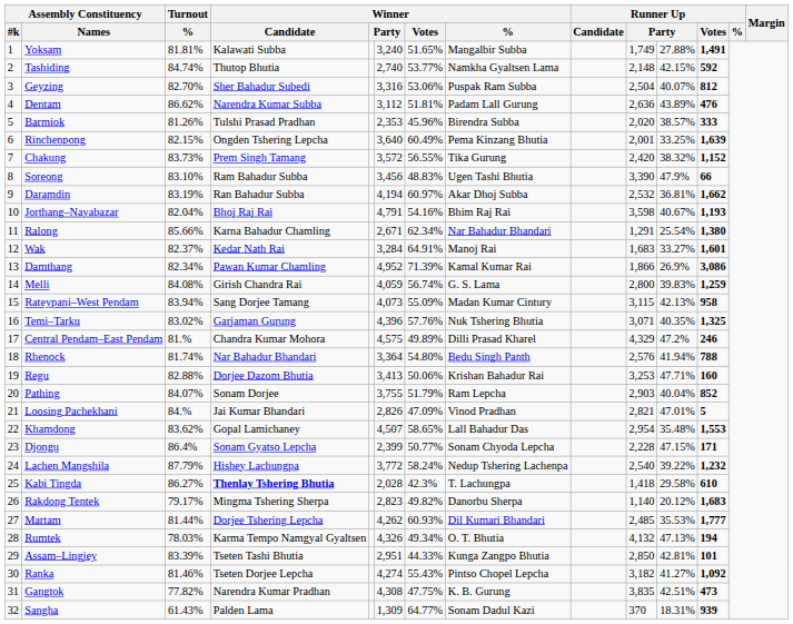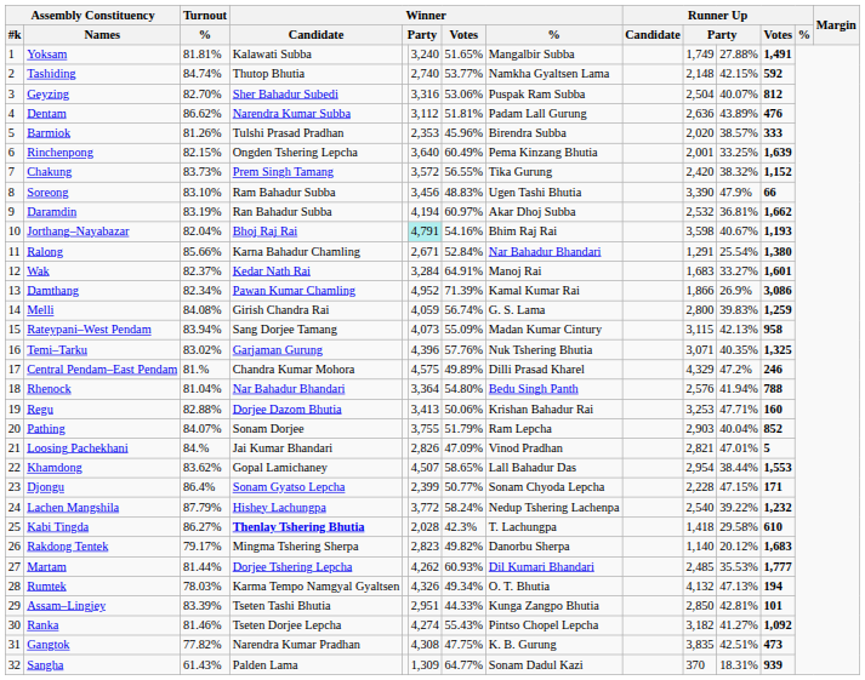 <table class="wikitable sortable">
 <tr>
 <th colspan="2">Assembly Constituency</th>
 <th>Turnout</th>
 <th colspan="5">Winner</th>
 <th colspan="5">Runner Up</th>
 <th rowspan="2" data-sort-type=number>Margin</th>
 </tr>
 <tr>
 <th>#k</th>
 <th>Names</th>
 <th>%</th>
 <th>Candidate</th>
 <th colspan="2">Party</th>
 <th data-sort-type=number>Votes</th>
 <th>%</th>
 <th>Candidate</th>
 <th colspan="2">Party</th>
 <th data-sort-type=number>Votes</th>
 <th>%</th>
 </tr>
 <tr>
 <td>1</td>
 <td><a href='#'>Yoksam</a></td>
 <td>81.81%</td>
 <td>Kalawati Subba</td>
 <td></td>
 <td>3,240</td>
 <td>51.65%</td>
 <td>Mangalbir Subba</td>
 <td></td>
 <td>1,749</td>
 <td>27.88%</td>
 <td style="background:"><span><strong>1,491</strong></span></td>
 </tr>
 <tr>
 <td>2</td>
 <td><a href='#'>Tashiding</a></td>
 <td>84.74%</td>
 <td>Thutop Bhutia</td>
 <td></td>
 <td>2,740</td>
 <td>53.77%</td>
 <td>Namkha Gyaltsen Lama</td>
 <td></td>
 <td>2,148</td>
 <td>42.15%</td>
 <td style="background:"><span><strong>592</strong></span></td>
 </tr>
 <tr>
 <td>3</td>
 <td><a href='#'>Geyzing</a></td>
 <td>82.70%</td>
 <td><a href='#'>Sher Bahadur Subedi</a></td>
 <td></td>
 <td>3,316</td>
 <td>53.06%</td>
 <td>Puspak Ram Subba</td>
 <td></td>
 <td>2,504</td>
 <td>40.07%</td>
 <td style="background:"><span><strong>812</strong></span></td>
 </tr>
 <tr>
 <td>4</td>
 <td><a href='#'>Dentam</a></td>
 <td>86.62%</td>
 <td><a href='#'>Narendra Kumar Subba</a></td>
 <td></td>
 <td>3,112</td>
 <td>51.81%</td>
 <td>Padam Lall Gurung</td>
 <td></td>
 <td>2,636</td>
 <td>43.89%</td>
 <td style="background:"><span><strong>476</strong></span></td>
 </tr>
 <tr>
 <td>5</td>
 <td><a href='#'>Barmiok</a></td>
 <td>81.26%</td>
 <td>Tulshi Prasad Pradhan</td>
 <td></td>
 <td>2,353</td>
 <td>45.96%</td>
 <td>Birendra Subba</td>
 <td></td>
 <td>2,020</td>
 <td>38.57%</td>
 <td style="background:"><span><strong>333</strong></span></td>
 </tr>
 <tr>
 <td>6</td>
 <td><a href='#'>Rinchenpong</a></td>
 <td>82.15%</td>
 <td>Ongden Tshering Lepcha</td>
 <td></td>
 <td>3,640</td>
 <td>60.49%</td>
 <td>Pema Kinzang Bhutia</td>
 <td></td>
 <td>2,001</td>
 <td>33.25%</td>
 <td style="background:"><span><strong>1,639</strong></span></td>
 </tr>
 <tr>
 <td>7</td>
 <td><a href='#'>Chakung</a></td>
 <td>83.73%</td>
 <td><a href='#'>Prem Singh Tamang</a></td>
 <td></td>
 <td>3,572</td>
 <td>56.55%</td>
 <td>Tika Gurung</td>
 <td></td>
 <td>2,420</td>
 <td>38.32%</td>
 <td style="background:"><span><strong>1,152</strong></span></td>
 </tr>
 <tr>
 <td>8</td>
 <td><a href='#'>Soreong</a></td>
 <td>83.10%</td>
 <td>Ram Bahadur Subba</td>
 <td></td>
 <td>3,456</td>
 <td>48.83%</td>
 <td>Ugen Tashi Bhutia</td>
 <td></td>
 <td>3,390</td>
 <td>47.9%</td>
 <td style="background:"><span><strong>66</strong></span></td>
 </tr>
 <tr>
 <td>9</td>
 <td><a href='#'>Daramdin</a></td>
 <td>83.19%</td>
 <td>Ran Bahadur Subba</td>
 <td></td>
 <td>4,194</td>
 <td>60.97%</td>
 <td>Akar Dhoj Subba</td>
 <td></td>
 <td>2,532</td>
 <td>36.81%</td>
 <td style="background:"><span><strong>1,662</strong></span></td>
 </tr>
 <tr>
 <td>10</td>
 <td><a href='#'>Jorthang–Nayabazar</a></td>
 <td>82.04%</td>
 <td><a href='#'>Bhoj Raj Rai</a></td>
 <td></td>
-<td>4,791</td>
+<td style="background: paleturquoise;">4,791</td>
 <td>54.16%</td>
 <td>Bhim Raj Rai</td>
 <td></td>
 <td>3,598</td>
 <td>40.67%</td>
 <td style="background:"><span><strong>1,193</strong></span></td>
 </tr>
 <tr>
 <td>11</td>
 <td><a href='#'>Ralong</a></td>
 <td>85.66%</td>
 <td>Karna Bahadur Chamling</td>
 <td></td>
 <td>2,671</td>
-<td>62.34%</td>
+<td>52.84%</td>
 <td><a href='#'>Nar Bahadur Bhandari</a></td>
 <td></td>
 <td>1,291</td>
 <td>25.54%</td>
 <td style="background:"><span><strong>1,380</strong></span></td>
 </tr>
 <tr>
 <td>12</td>
 <td><a href='#'>Wak</a></td>
 <td>82.37%</td>
 <td><a href='#'>Kedar Nath Rai</a></td>
 <td></td>
 <td>3,284</td>
 <td>64.91%</td>
 <td>Manoj Rai</td>
 <td></td>
 <td>1,683</td>
 <td>33.27%</td>
 <td style="background:"><span><strong>1,601</strong></span></td>
 </tr>
 <tr>
 <td>13</td>
 <td><a href='#'>Damthang</a></td>
 <td>82.34%</td>
 <td><a href='#'>Pawan Kumar Chamling</a></td>
 <td></td>
 <td>4,952</td>
 <td>71.39%</td>
 <td>Kamal Kumar Rai</td>
 <td></td>
 <td>1,866</td>
 <td>26.9%</td>
 <td style="background:"><span><strong>3,086</strong></span></td>
 </tr>
 <tr>
 <td>14</td>
 <td><a href='#'>Melli</a></td>
 <td>84.08%</td>
 <td>Girish Chandra Rai</td>
 <td></td>
 <td>4,059</td>
 <td>56.74%</td>
 <td>G. S. Lama</td>
 <td></td>
 <td>2,800</td>
 <td>39.83%</td>
 <td style="background:"><span><strong>1,259</strong></span></td>
 </tr>
 <tr>
 <td>15</td>
 <td><a href='#'>Rateypani–West Pendam</a></td>
 <td>83.94%</td>
 <td>Sang Dorjee Tamang</td>
 <td></td>
 <td>4,073</td>
 <td>55.09%</td>
 <td>Madan Kumar Cintury</td>
 <td></td>
 <td>3,115</td>
 <td>42.13%</td>
 <td style="background:"><span><strong>958</strong></span></td>
 </tr>
 <tr>
 <td>16</td>
 <td><a href='#'>Temi–Tarku</a></td>
 <td>83.02%</td>
 <td><a href='#'>Garjaman Gurung</a></td>
 <td></td>
 <td>4,396</td>
 <td>57.76%</td>
 <td>Nuk Tshering Bhutia</td>
 <td></td>
 <td>3,071</td>
 <td>40.35%</td>
 <td style="background:"><span><strong>1,325</strong></span></td>
 </tr>
 <tr>
 <td>17</td>
 <td><a href='#'>Central Pendam–East Pendam</a></td>
 <td>81.%</td>
 <td>Chandra Kumar Mohora</td>
 <td></td>
 <td>4,575</td>
 <td>49.89%</td>
 <td>Dilli Prasad Kharel</td>
 <td></td>
 <td>4,329</td>
 <td>47.2%</td>
 <td style="background:"><span><strong>246</strong></span></td>
 </tr>
 <tr>
 <td>18</td>
 <td><a href='#'>Rhenock</a></td>
-<td>81.74%</td>
+<td>81.04%</td>
 <td><a href='#'>Nar Bahadur Bhandari</a></td>
 <td></td>
 <td>3,364</td>
 <td>54.80%</td>
 <td><a href='#'>Bedu Singh Panth</a></td>
 <td></td>
 <td>2,576</td>
 <td>41.94%</td>
 <td style="background:"><span><strong>788</strong></span></td>
 </tr>
 <tr>
 <td>19</td>
 <td><a href='#'>Regu</a></td>
 <td>82.88%</td>
 <td><a href='#'>Dorjee Dazom Bhutia</a></td>
 <td></td>
 <td>3,413</td>
 <td>50.06%</td>
 <td>Krishan Bahadur Rai</td>
 <td></td>
 <td>3,253</td>
 <td>47.71%</td>
 <td style="background:"><span><strong>160</strong></span></td>
 </tr>
 <tr>
 <td>20</td>
 <td><a href='#'>Pathing</a></td>
 <td>84.07%</td>
 <td>Sonam Dorjee</td>
 <td></td>
 <td>3,755</td>
 <td>51.79%</td>
 <td>Ram Lepcha</td>
 <td></td>
 <td>2,903</td>
 <td>40.04%</td>
 <td style="background:"><span><strong>852</strong></span></td>
 </tr>
 <tr>
 <td>21</td>
 <td><a href='#'>Loosing Pachekhani</a></td>
 <td>84.%</td>
 <td>Jai Kumar Bhandari</td>
 <td></td>
 <td>2,826</td>
 <td>47.09%</td>
 <td>Vinod Pradhan</td>
 <td></td>
 <td>2,821</td>
 <td>47.01%</td>
 <td style="background:"><span><strong>5</strong></span></td>
 </tr>
 <tr>
 <td>22</td>
 <td><a href='#'>Khamdong</a></td>
 <td>83.62%</td>
 <td>Gopal Lamichaney</td>
 <td></td>
 <td>4,507</td>
 <td>58.65%</td>
 <td>Lall Bahadur Das</td>
 <td></td>
 <td>2,954</td>
-<td>35.48%</td>
+<td>38.44%</td>
 <td style="background:"><span><strong>1,553</strong></span></td>
 </tr>
 <tr>
 <td>23</td>
 <td><a href='#'>Djongu</a></td>
 <td>86.4%</td>
 <td><a href='#'>Sonam Gyatso Lepcha</a></td>
 <td></td>
 <td>2,399</td>
 <td>50.77%</td>
 <td>Sonam Chyoda Lepcha</td>
 <td></td>
 <td>2,228</td>
 <td>47.15%</td>
 <td style="background:"><span><strong>171</strong></span></td>
 </tr>
 <tr>
 <td>24</td>
 <td><a href='#'>Lachen Mangshila</a></td>
 <td>87.79%</td>
 <td><a href='#'>Hishey Lachungpa</a></td>
 <td></td>
 <td>3,772</td>
 <td>58.24%</td>
 <td>Nedup Tshering Lachenpa</td>
 <td></td>
 <td>2,540</td>
 <td>39.22%</td>
 <td style="background:"><span><strong>1,232</strong></span></td>
 </tr>
 <tr>
 <td>25</td>
 <td><a href='#'>Kabi Tingda</a></td>
 <td>86.27%</td>
 <td><strong><a href='#'>Thenlay Tshering Bhutia</a></strong></td>
 <td></td>
 <td>2,028</td>
 <td>42.3%</td>
 <td>T. Lachungpa</td>
 <td></td>
 <td>1,418</td>
 <td>29.58%</td>
 <td style="background:"><span><strong>610</strong></span></td>
 </tr>
 <tr>
 <td>26</td>
 <td><a href='#'>Rakdong Tentek</a></td>
 <td>79.17%</td>
 <td>Mingma Tshering Sherpa</td>
 <td></td>
 <td>2,823</td>
 <td>49.82%</td>
 <td>Danorbu Sherpa</td>
 <td></td>
 <td>1,140</td>
 <td>20.12%</td>
 <td style="background:"><span><strong>1,683</strong></span></td>
 </tr>
 <tr>
 <td>27</td>
 <td><a href='#'>Martam</a></td>
 <td>81.44%</td>
 <td><a href='#'>Dorjee Tshering Lepcha</a></td>
 <td></td>
 <td>4,262</td>
 <td>60.93%</td>
 <td><a href='#'>Dil Kumari Bhandari</a></td>
 <td></td>
 <td>2,485</td>
 <td>35.53%</td>
 <td style="background:"><span><strong>1,777</strong></span></td>
 </tr>
 <tr>
 <td>28</td>
 <td><a href='#'>Rumtek</a></td>
 <td>78.03%</td>
 <td>Karma Tempo Namgyal Gyaltsen</td>
 <td></td>
 <td>4,326</td>
 <td>49.34%</td>
 <td>O. T. Bhutia</td>
 <td></td>
 <td>4,132</td>
 <td>47.13%</td>
 <td style="background:"><span><strong>194</strong></span></td>
 </tr>
 <tr>
 <td>29</td>
 <td><a href='#'>Assam–Lingjey</a></td>
 <td>83.39%</td>
 <td>Tseten Tashi Bhutia</td>
 <td></td>
 <td>2,951</td>
 <td>44.33%</td>
 <td>Kunga Zangpo Bhutia</td>
 <td></td>
 <td>2,850</td>
 <td>42.81%</td>
 <td style="background:"><span><strong>101</strong></span></td>
 </tr>
 <tr>
 <td>30</td>
 <td><a href='#'>Ranka</a></td>
 <td>81.46%</td>
 <td>Tseten Dorjee Lepcha</td>
 <td></td>
 <td>4,274</td>
 <td>55.43%</td>
 <td>Pintso Chopel Lepcha</td>
 <td></td>
 <td>3,182</td>
 <td>41.27%</td>
 <td style="background:"><span><strong>1,092</strong></span></td>
 </tr>
 <tr>
 <td>31</td>
 <td><a href='#'>Gangtok</a></td>
 <td>77.82%</td>
 <td>Narendra Kumar Pradhan</td>
 <td></td>
 <td>4,308</td>
 <td>47.75%</td>
 <td>K. B. Gurung</td>
 <td></td>
 <td>3,835</td>
 <td>42.51%</td>
 <td style="background:"><span><strong>473</strong></span></td>
 </tr>
 <tr>
 <td>32</td>
 <td><a href='#'>Sangha</a></td>
 <td>61.43%</td>
 <td>Palden Lama</td>
 <td></td>
 <td>1,309</td>
 <td>64.77%</td>
 <td>Sonam Dadul Kazi</td>
 <td></td>
 <td>370</td>
 <td>18.31%</td>
 <td style="background:"><span><strong>939</strong></span></td>
 </tr>
 </table>
